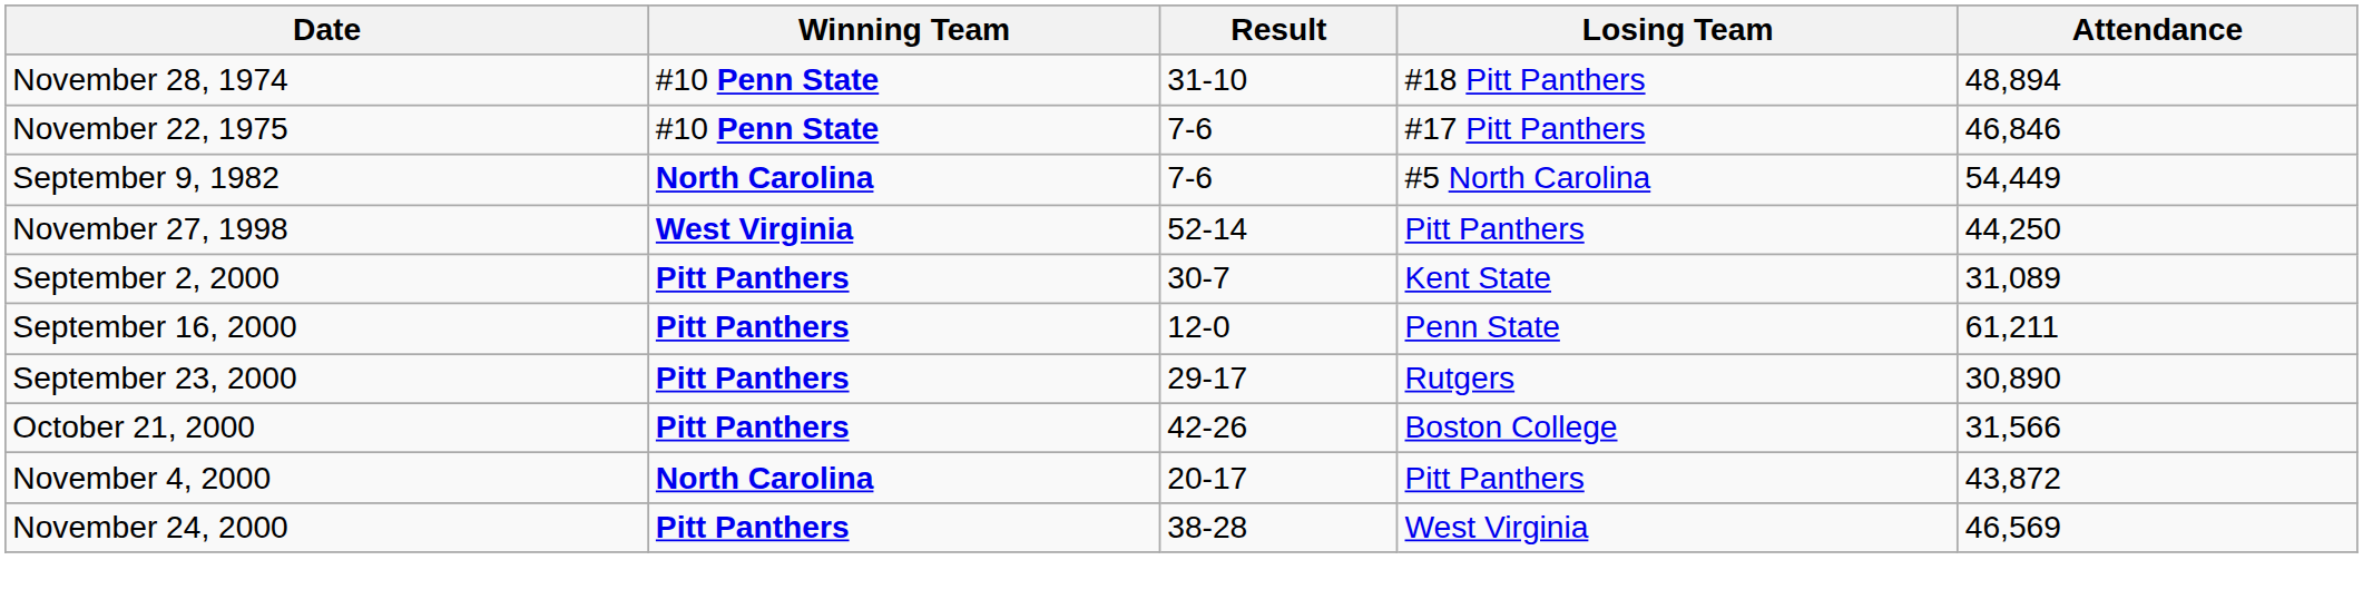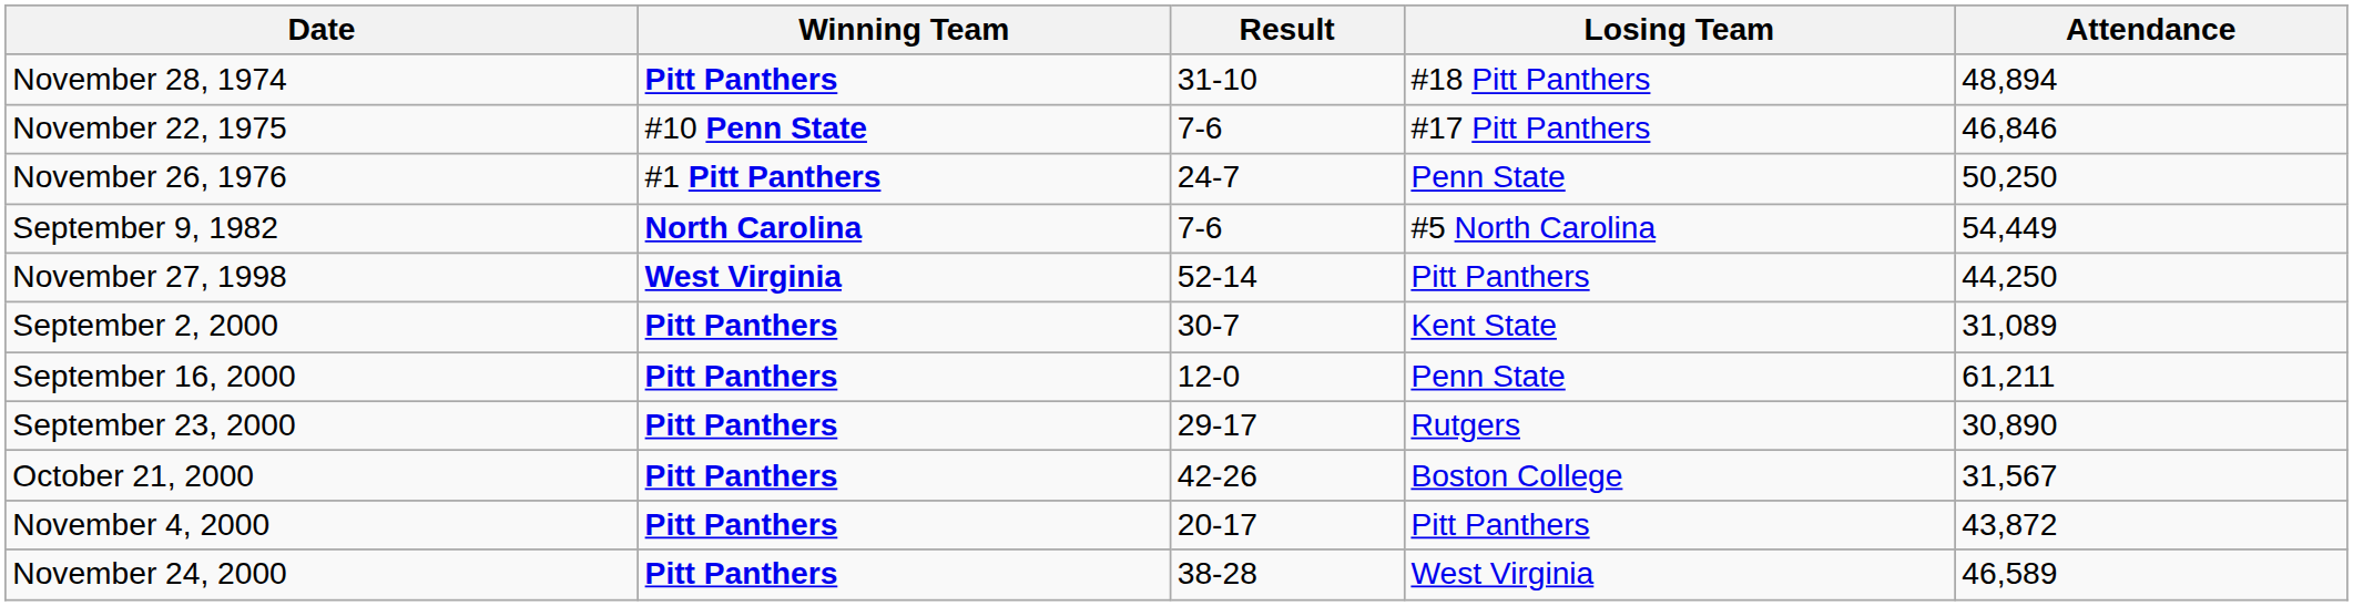 <table class="wikitable" style="text-align:left; width:95%;" style="text-align:center">
 <tr>
 <th style="text-align:center; ">Date</th>
 <th style="text-align:center; ">Winning Team</th>
 <th style="text-align:center; ">Result</th>
 <th style="text-align:center; ">Losing Team</th>
 <th style="text-align:center; ">Attendance</th>
 </tr>
 <tr>
 <td>November 28, 1974</td>
-<td>#10 <strong><a href='#'>Penn State</a></strong></td>
+<td><strong><a href='#'>Pitt Panthers</a></strong></td>
 <td>31-10</td>
 <td>#18 <a href='#'>Pitt Panthers</a></td>
 <td>48,894</td>
 </tr>
 <tr>
 <td>November 22, 1975</td>
 <td>#10 <strong><a href='#'>Penn State</a></strong></td>
 <td>7-6</td>
 <td>#17 <a href='#'>Pitt Panthers</a></td>
 <td>46,846</td>
+</tr>
+<tr>
+<td>November 26, 1976</td>
+<td>#1 <strong><a href='#'>Pitt Panthers</a></strong></td>
+<td>24-7</td>
+<td><a href='#'>Penn State</a></td>
+<td>50,250</td>
 </tr>
 <tr>
 <td>September 9, 1982</td>
 <td><strong><a href='#'>North Carolina</a></strong></td>
 <td>7-6</td>
 <td>#5 <a href='#'>North Carolina</a></td>
 <td>54,449</td>
 </tr>
 <tr>
 <td>November 27, 1998</td>
 <td><strong><a href='#'>West Virginia</a></strong></td>
 <td>52-14</td>
 <td><a href='#'>Pitt Panthers</a></td>
 <td>44,250</td>
 </tr>
 <tr>
 <td>September 2, 2000</td>
 <td><strong><a href='#'>Pitt Panthers</a></strong></td>
 <td>30-7</td>
 <td><a href='#'>Kent State</a></td>
 <td>31,089</td>
 </tr>
 <tr>
 <td>September 16, 2000</td>
 <td><strong><a href='#'>Pitt Panthers</a></strong></td>
 <td>12-0</td>
 <td><a href='#'>Penn State</a></td>
 <td>61,211</td>
 </tr>
 <tr>
 <td>September 23, 2000</td>
 <td><strong><a href='#'>Pitt Panthers</a></strong></td>
 <td>29-17</td>
 <td><a href='#'>Rutgers</a></td>
 <td>30,890</td>
 </tr>
 <tr>
 <td>October 21, 2000</td>
 <td><strong><a href='#'>Pitt Panthers</a></strong></td>
 <td>42-26</td>
 <td><a href='#'>Boston College</a></td>
-<td>31,566</td>
+<td>31,567</td>
 </tr>
 <tr>
 <td>November 4, 2000</td>
-<td><strong><a href='#'>North Carolina</a></strong></td>
+<td><strong><a href='#'>Pitt Panthers</a></strong></td>
 <td>20-17</td>
 <td><a href='#'>Pitt Panthers</a></td>
 <td>43,872</td>
 </tr>
 <tr>
 <td>November 24, 2000</td>
 <td><strong><a href='#'>Pitt Panthers</a></strong></td>
 <td>38-28</td>
 <td><a href='#'>West Virginia</a></td>
-<td>46,569</td>
+<td>46,589</td>
 </tr>
 </table>
